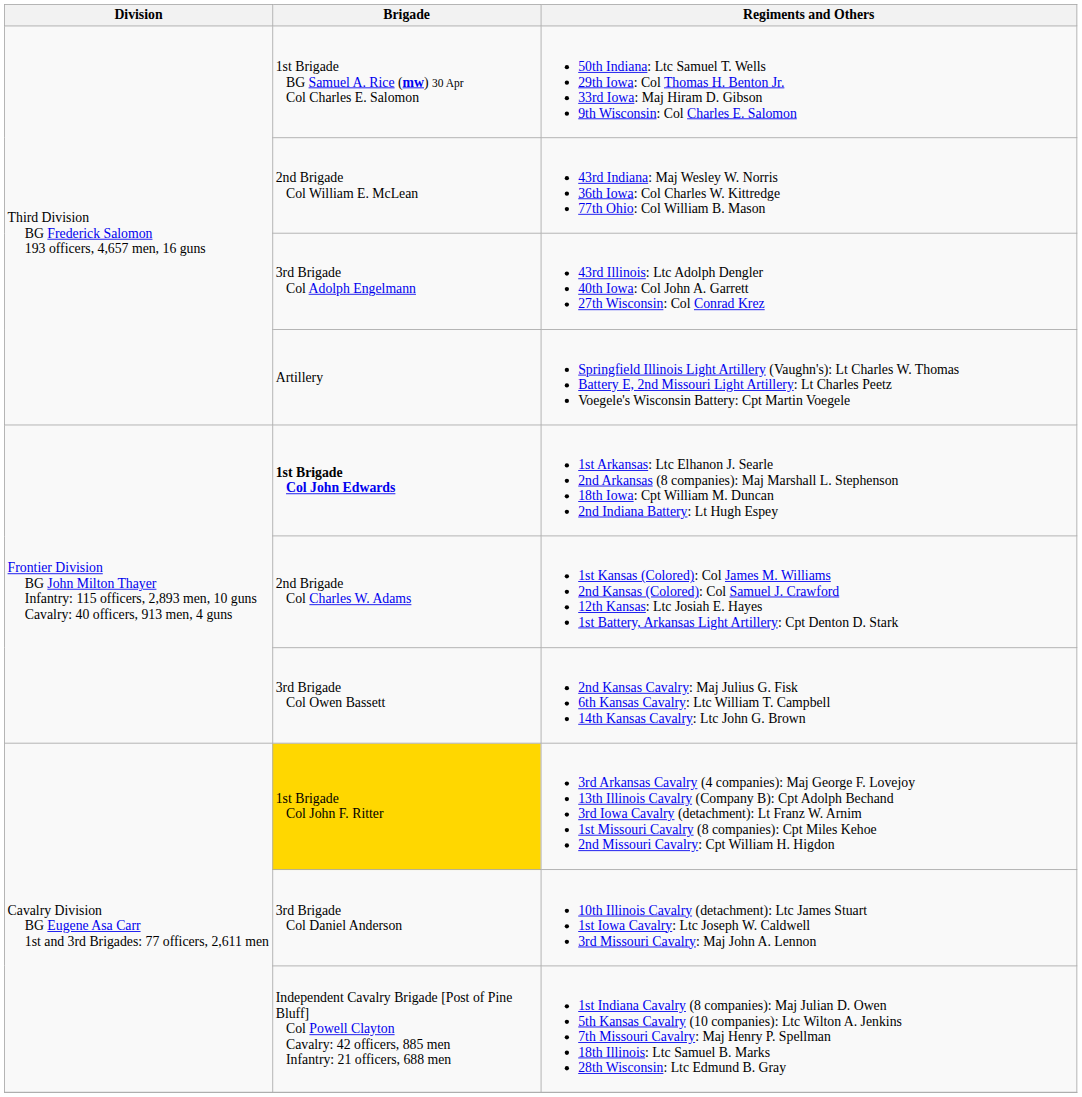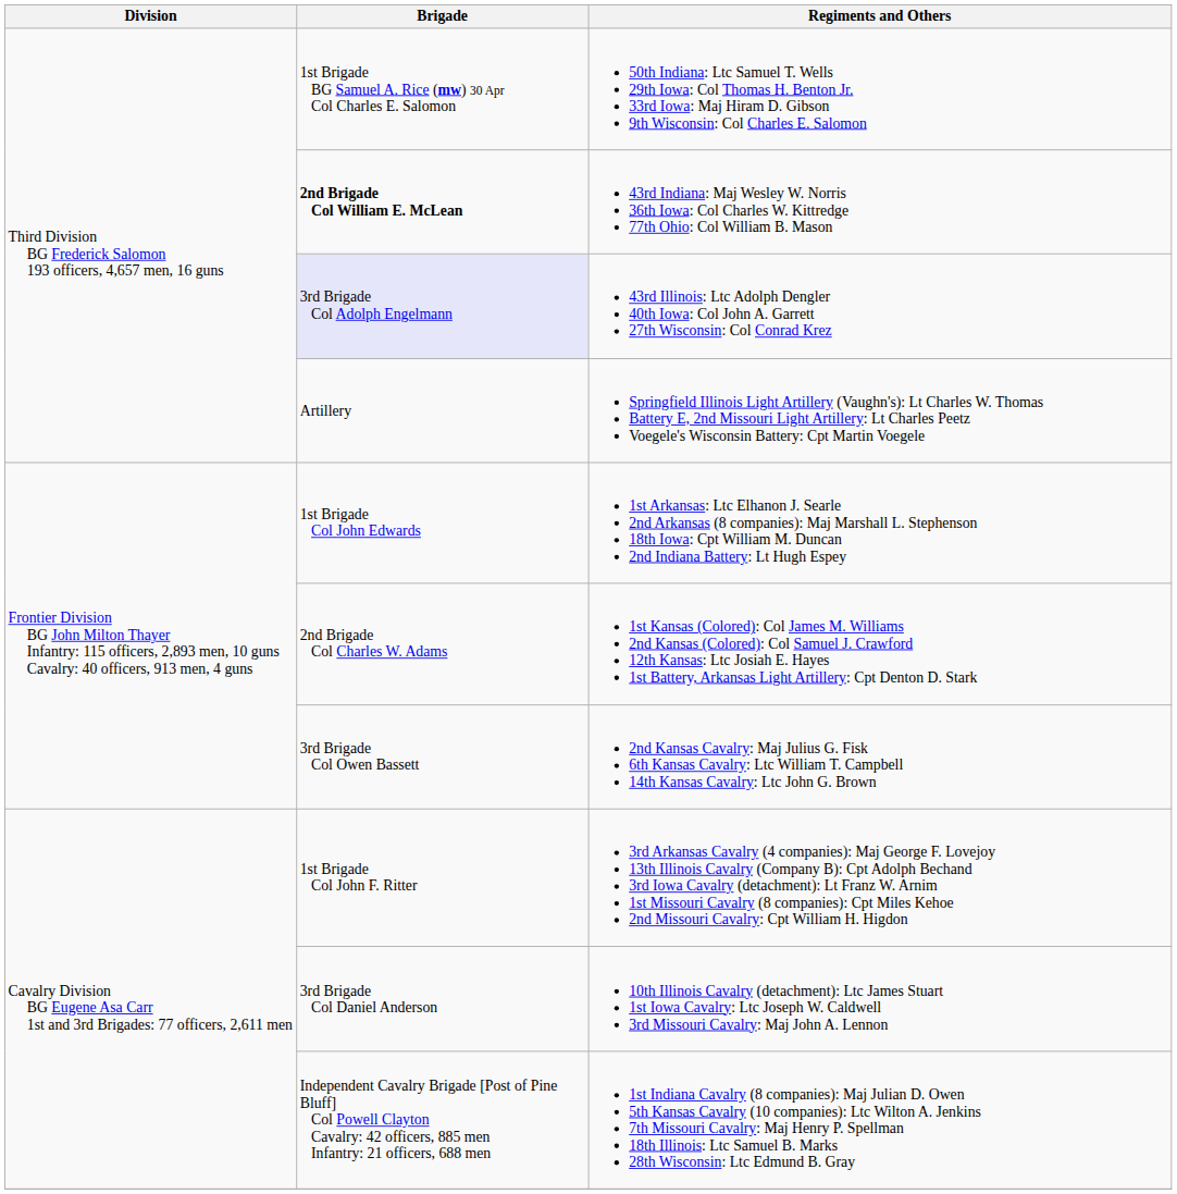 <table class="wikitable">
 <tr>
 <th width=25%>Division</th>
 <th width=25%>Brigade</th>
 <th>Regiments and Others</th>
 </tr>
 <tr>
 <td rowspan=4><br>Third Division <br>     BG <a href='#'>Frederick Salomon</a> <br>     193 officers, 4,657 men, 16 guns</td>
 <td>1st Brigade<br>   BG <a href='#'>Samuel A. Rice</a> (<strong><a href='#'>mw</a></strong>) <small>30 Apr</small> <br>    Col Charles E. Salomon</td>
 <td><br><ul><li><a href='#'>50th Indiana</a>: Ltc Samuel T. Wells</li><li><a href='#'>29th Iowa</a>: Col <a href='#'>Thomas H. Benton Jr.</a></li><li><a href='#'>33rd Iowa</a>: Maj Hiram D. Gibson</li><li><a href='#'>9th Wisconsin</a>: Col <a href='#'>Charles E. Salomon</a></li></ul></td>
 </tr>
 <tr>
-<td>2nd Brigade<br>   Col William E. McLean</td>
+<td><strong>2nd Brigade<br>   Col William E. McLean</strong></td>
 <td><br><ul><li><a href='#'>43rd Indiana</a>: Maj Wesley W. Norris</li><li><a href='#'>36th Iowa</a>: Col Charles W. Kittredge</li><li><a href='#'>77th Ohio</a>: Col William B. Mason</li></ul></td>
 </tr>
 <tr>
-<td>3rd Brigade<br>   Col <a href='#'>Adolph Engelmann</a></td>
+<td style="background: lavender;">3rd Brigade<br>   Col <a href='#'>Adolph Engelmann</a></td>
 <td><br><ul><li><a href='#'>43rd Illinois</a>: Ltc Adolph Dengler</li><li><a href='#'>40th Iowa</a>: Col John A. Garrett</li><li><a href='#'>27th Wisconsin</a>: Col <a href='#'>Conrad Krez</a></li></ul></td>
 </tr>
 <tr>
 <td>Artillery</td>
 <td><br><ul><li><a href='#'>Springfield Illinois Light Artillery</a> (Vaughn's):  Lt Charles W. Thomas</li><li><a href='#'>Battery E, 2nd Missouri Light Artillery</a>: Lt Charles Peetz</li><li>Voegele's Wisconsin Battery: Cpt Martin Voegele</li></ul></td>
 </tr>
 <tr>
 <td rowspan=3><br><a href='#'>Frontier Division</a>  <br>     BG <a href='#'>John Milton Thayer</a> <br>     Infantry: 115 officers, 2,893 men, 10 guns <br>     Cavalry: 40 officers, 913 men, 4 guns</td>
-<td><strong>1st Brigade<br>   <a href='#'>Col John Edwards</a></strong></td>
+<td>1st Brigade<br>   <a href='#'>Col John Edwards</a></td>
 <td><br><ul><li><a href='#'>1st Arkansas</a>: Ltc Elhanon J. Searle</li><li><a href='#'>2nd Arkansas</a> (8 companies): Maj Marshall L. Stephenson</li><li><a href='#'>18th Iowa</a>: Cpt William M. Duncan</li><li><a href='#'>2nd Indiana Battery</a>: Lt Hugh Espey</li></ul></td>
 </tr>
 <tr>
 <td>2nd Brigade<br>   Col <a href='#'>Charles W. Adams</a></td>
 <td><br><ul><li><a href='#'>1st Kansas (Colored)</a>: Col <a href='#'>James M. Williams</a></li><li><a href='#'>2nd Kansas (Colored)</a>: Col <a href='#'>Samuel J. Crawford</a></li><li><a href='#'>12th Kansas</a>: Ltc Josiah E. Hayes</li><li><a href='#'>1st Battery, Arkansas Light Artillery</a>: Cpt Denton D. Stark</li></ul></td>
 </tr>
 <tr>
 <td>3rd Brigade<br>   Col Owen Bassett</td>
 <td><br><ul><li><a href='#'>2nd Kansas Cavalry</a>: Maj Julius G. Fisk</li><li><a href='#'>6th Kansas Cavalry</a>: Ltc William T. Campbell</li><li><a href='#'>14th Kansas Cavalry</a>: Ltc John G. Brown</li></ul></td>
 </tr>
 <tr>
 <td rowspan=3><br>Cavalry Division <br>     BG <a href='#'>Eugene Asa Carr</a> <br>     1st and 3rd Brigades: 77 officers, 2,611 men</td>
-<td style="background: gold;">1st Brigade<br>   Col John F. Ritter</td>
+<td>1st Brigade<br>   Col John F. Ritter</td>
 <td><br><ul><li><a href='#'>3rd Arkansas Cavalry</a> (4 companies): Maj George F. Lovejoy</li><li><a href='#'>13th Illinois Cavalry</a> (Company B): Cpt Adolph Bechand</li><li><a href='#'>3rd Iowa Cavalry</a> (detachment):  Lt Franz W. Arnim</li><li><a href='#'>1st Missouri Cavalry</a> (8 companies): Cpt Miles Kehoe</li><li><a href='#'>2nd Missouri Cavalry</a>: Cpt William H. Higdon</li></ul></td>
 </tr>
 <tr>
 <td>3rd Brigade<br>   Col Daniel Anderson</td>
 <td><br><ul><li><a href='#'>10th Illinois Cavalry</a> (detachment): Ltc James Stuart</li><li><a href='#'>1st Iowa Cavalry</a>: Ltc Joseph W. Caldwell</li><li><a href='#'>3rd Missouri Cavalry</a>: Maj John A. Lennon</li></ul></td>
 </tr>
 <tr>
 <td>Independent Cavalry Brigade [Post of Pine Bluff]<br>   Col <a href='#'>Powell Clayton</a> <br>   Cavalry: 42 officers, 885 men <br>   Infantry: 21 officers, 688 men</td>
 <td><br><ul><li><a href='#'>1st Indiana Cavalry</a> (8 companies): Maj Julian D. Owen</li><li><a href='#'>5th Kansas Cavalry</a> (10 companies): Ltc Wilton A. Jenkins</li><li><a href='#'>7th Missouri Cavalry</a>: Maj Henry P. Spellman</li><li><a href='#'>18th Illinois</a>:  Ltc Samuel B. Marks</li><li><a href='#'>28th Wisconsin</a>: Ltc Edmund B. Gray</li></ul></td>
 </tr>
 <tr>
 </tr>
 </table>
